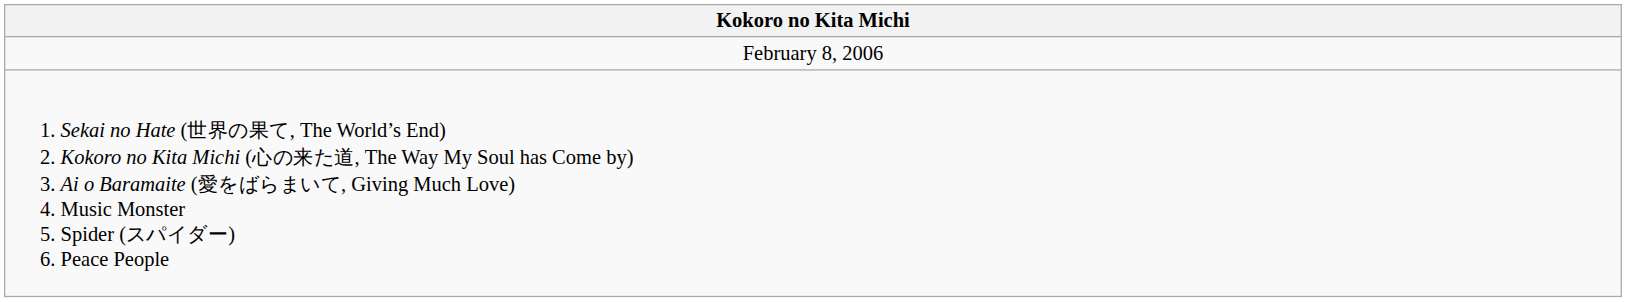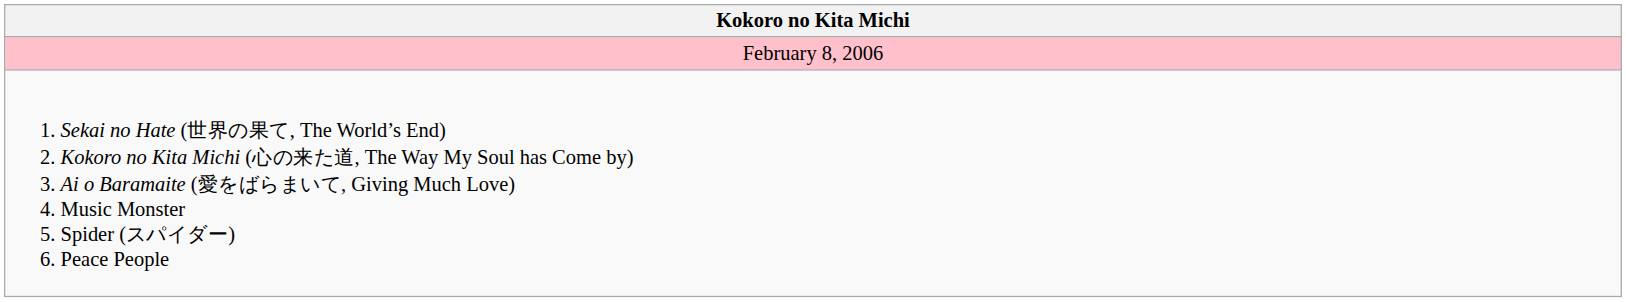 <table class="wikitable" style="width:100%">
 <tr>
 <th>Kokoro no Kita Michi<br></th>
 </tr>
 <tr>
-<td style="text-align:center">February 8, 2006</td>
+<td style="background: pink; text-align:center">February 8, 2006</td>
 </tr>
 <tr>
 <td><br><ol><li><em>Sekai no Hate</em> (世界の果て, The World’s End)</li><li><em>Kokoro no Kita Michi</em> (心の来た道, The Way My Soul has Come by)</li><li><em>Ai o Baramaite</em> (愛をばらまいて, Giving Much Love)</li><li>Music Monster</li><li>Spider (スパイダー)</li><li>Peace People</li></ol></td>
 </tr>
 </table>
